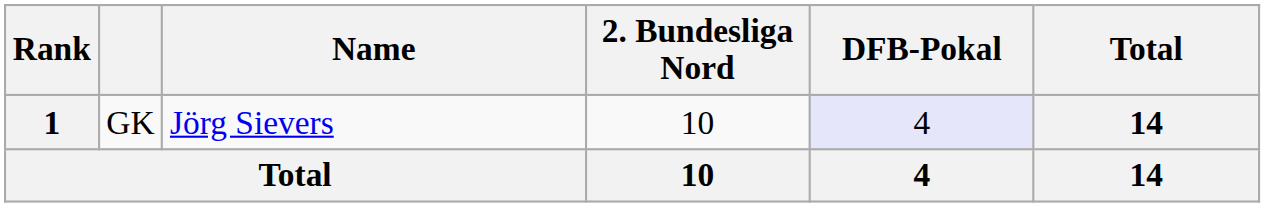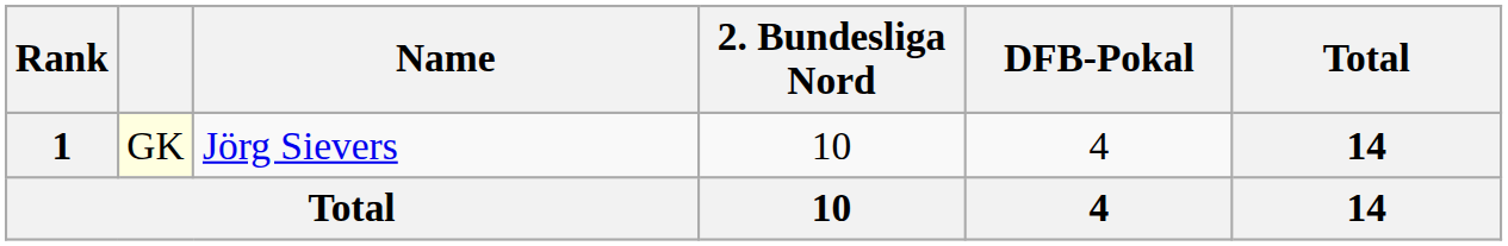 <table class="wikitable" style="text-align:center;">
 <tr>
 <th>Rank</th>
 <th></th>
 <th width=195>Name</th>
 <th width=100>2. Bundesliga Nord</th>
 <th width=100>DFB-Pokal</th>
 <th width=100>Total</th>
 </tr>
 <tr>
 <th>1</th>
-<td>GK</td>
+<td style="background: lightyellow;">GK</td>
 <td align="left"> <a href='#'>Jörg Sievers</a></td>
 <td>10</td>
-<td style="background: lavender;">4</td>
+<td>4</td>
 <th>14</th>
 </tr>
 <tr>
 <th colspan="3">Total</th>
 <th>10</th>
 <th>4</th>
 <th>14</th>
 </tr>
 </table>
